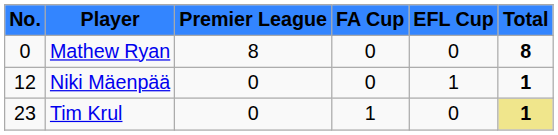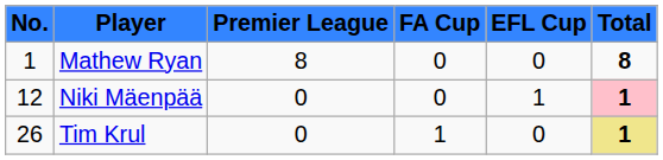 <table class="wikitable sortable alternance" ; style="text-align:center; ">
 <tr>
 <th style="background:#3385ff; color:black;   !width=10">No.</th>
 <th style="background:#3385ff; color:black;  !width:180px">Player</th>
 <th style="background:#3385ff; color:black;   !width=100">Premier League</th>
 <th style="background:#3385ff; color:black;   !width=100">FA Cup</th>
 <th style="background:#3385ff; color:black;    !width=100">EFL Cup</th>
 <th style="background:#3385ff; color:black;   !width=100">Total</th>
 </tr>
 <tr>
-<td>0</td>
+<td>1</td>
 <td align=left> <a href='#'>Mathew Ryan</a></td>
 <td>8</td>
 <td>0</td>
 <td>0</td>
 <td><strong>8</strong></td>
 </tr>
 <tr>
 <td>12</td>
 <td align=left> <a href='#'>Niki Mäenpää</a></td>
 <td>0</td>
 <td>0</td>
 <td>1</td>
-<td><strong>1</strong></td>
+<td style="background: pink;"><strong>1</strong></td>
 </tr>
 <tr>
-<td>23</td>
+<td>26</td>
 <td align=left> <a href='#'>Tim Krul</a></td>
 <td>0</td>
 <td>1</td>
 <td>0</td>
 <td style="background: khaki;"><strong>1</strong></td>
 </tr>
 </table>
